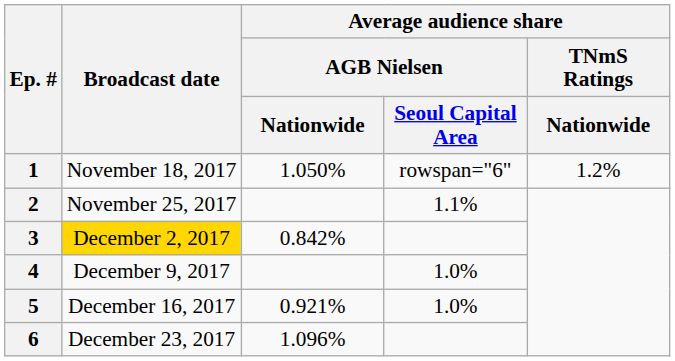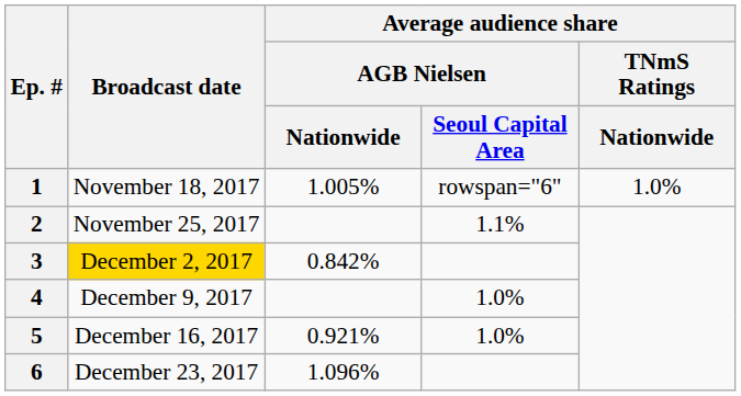 <table class="wikitable" style="text-align:center">
 <tr>
 <th rowspan="3">Ep. #</th>
 <th rowspan="3">Broadcast date</th>
 <th colspan="3">Average audience share</th>
 </tr>
 <tr>
 <th colspan="2">AGB Nielsen</th>
 <th colspan="1">TNmS Ratings</th>
 </tr>
 <tr>
 <th width=100>Nationwide</th>
 <th width=100><a href='#'>Seoul Capital Area</a></th>
 <th width=100>Nationwide</th>
 </tr>
 <tr>
 <th>1</th>
 <td>November 18, 2017</td>
-<td>1.050%</td>
+<td>1.005%</td>
 <td>rowspan="6" </td>
-<td>1.2%</td>
+<td>1.0%</td>
 </tr>
 <tr>
 <th>2</th>
 <td>November 25, 2017</td>
 <td></td>
 <td>1.1%</td>
 </tr>
 <tr>
 <th>3</th>
 <td style="background: gold;">December 2, 2017</td>
 <td>0.842%</td>
 <td></td>
 </tr>
 <tr>
 <th>4</th>
 <td>December 9, 2017</td>
 <td></td>
 <td>1.0%</td>
 </tr>
 <tr>
 <th>5</th>
 <td>December 16, 2017</td>
 <td>0.921%</td>
 <td>1.0%</td>
 </tr>
 <tr>
 <th>6</th>
 <td>December 23, 2017</td>
 <td>1.096%</td>
 <td></td>
 </tr>
 </table>
